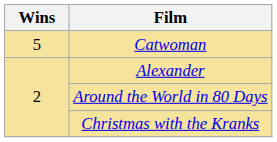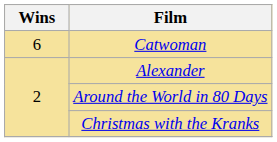 <table class="wikitable sortable" rowspan=2 style="text-align: center; background: #f6e39c">
 <tr>
 <th scope="col" width="55">Wins</th>
 <th scope="col" align="center">Film</th>
 </tr>
 <tr>
-<td>5</td>
+<td>6</td>
 <td><em><a href='#'>Catwoman</a></em></td>
 </tr>
 <tr>
 <td rowspan="3" style="text-align:center">2</td>
 <td><em><a href='#'>Alexander</a></em></td>
 </tr>
 <tr>
 <td><em><a href='#'>Around the World in 80 Days</a></em></td>
 </tr>
 <tr>
 <td><em><a href='#'>Christmas with the Kranks</a></em></td>
 </tr>
 <tr>
 </tr>
 </table>
